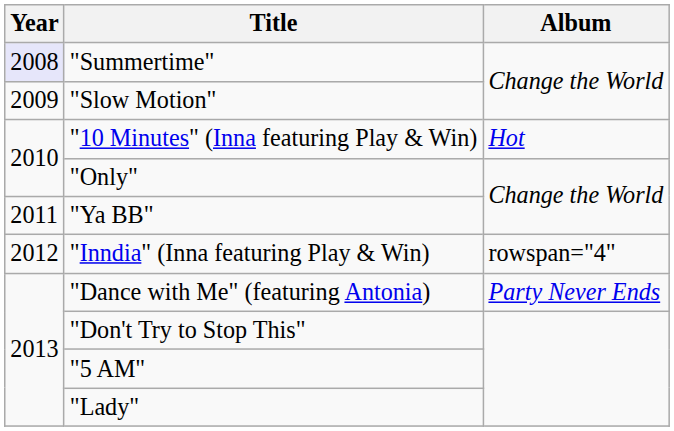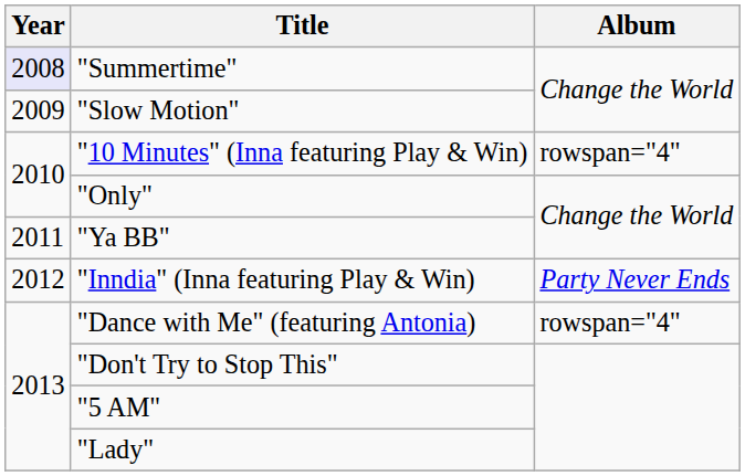 <table class="wikitable">
 <tr>
 <th scope="col">Year</th>
 <th scope="col">Title</th>
 <th scope="col">Album</th>
 </tr>
 <tr>
 <td style="background: lavender;">2008</td>
 <td>"Summertime"</td>
 <td rowspan="2"><em>Change the World</em></td>
 </tr>
 <tr>
 <td>2009</td>
 <td>"Slow Motion"</td>
 </tr>
 <tr>
 <td rowspan="2">2010</td>
 <td>"<a href='#'>10 Minutes</a>" (<a href='#'>Inna</a> featuring Play & Win)</td>
-<td><em><a href='#'>Hot</a></em></td>
+<td>rowspan="4" </td>
 </tr>
 <tr>
 <td>"Only"</td>
 <td rowspan="2"><em>Change the World</em></td>
 </tr>
 <tr>
 <td>2011</td>
 <td>"Ya BB"</td>
 </tr>
 <tr>
 <td>2012</td>
 <td>"<a href='#'>Inndia</a>" (Inna featuring Play & Win)</td>
-<td>rowspan="4" </td>
+<td><em><a href='#'>Party Never Ends</a></em></td>
 </tr>
 <tr>
 <td rowspan="4">2013</td>
 <td>"Dance with Me" (featuring <a href='#'>Antonia</a>)</td>
-<td><em><a href='#'>Party Never Ends</a></em></td>
+<td>rowspan="4" </td>
 </tr>
 <tr>
 <td>"Don't Try to Stop This"</td>
 </tr>
 <tr>
 <td>"5 AM"</td>
 </tr>
 <tr>
 <td>"Lady"</td>
 </tr>
 </table>
